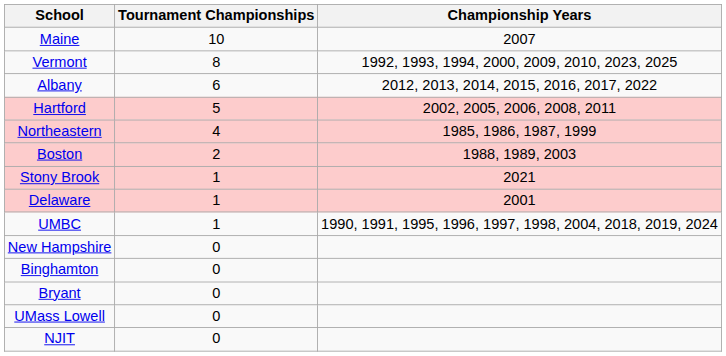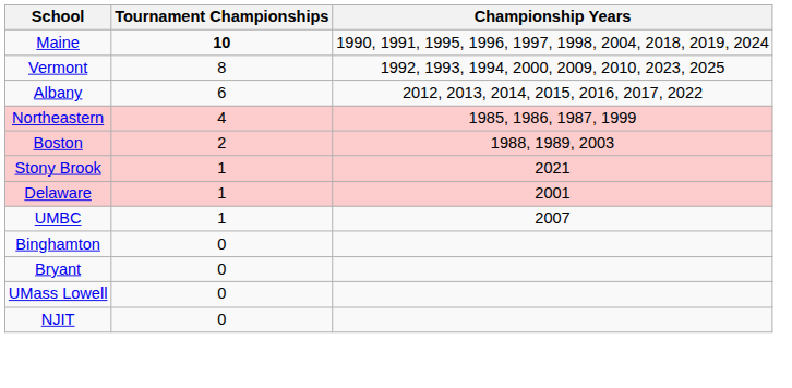 <table class="wikitable sortable" style="text-align:center">
 <tr>
 <th width=px>School</th>
 <th width=px>Tournament Championships</th>
 <th width=px>Championship Years</th>
 </tr>
 <tr>
 <td><a href='#'>Maine</a></td>
-<td>10</td>
-<td>2007</td>
+<td><strong>10</strong></td>
+<td>1990, 1991, 1995, 1996, 1997, 1998, 2004, 2018, 2019, 2024</td>
 </tr>
 <tr>
 <td><a href='#'>Vermont</a></td>
 <td>8</td>
 <td>1992, 1993, 1994, 2000, 2009, 2010, 2023, 2025</td>
 </tr>
 <tr>
 <td><a href='#'>Albany</a></td>
 <td>6</td>
 <td>2012, 2013, 2014, 2015, 2016, 2017, 2022</td>
-</tr>
-<tr bgcolor=#fdcccc>
-<td><a href='#'>Hartford</a></td>
-<td>5</td>
-<td>2002, 2005, 2006, 2008, 2011</td>
 </tr>
 <tr bgcolor=#fdcccc>
 <td><a href='#'>Northeastern</a></td>
 <td>4</td>
 <td>1985, 1986, 1987, 1999</td>
 </tr>
 <tr bgcolor=#fdcccc>
 <td><a href='#'>Boston</a></td>
 <td>2</td>
 <td>1988, 1989, 2003</td>
 </tr>
 <tr bgcolor=#fdcccc>
 <td><a href='#'>Stony Brook</a></td>
 <td>1</td>
 <td>2021</td>
 </tr>
 <tr bgcolor=#fdcccc>
 <td><a href='#'>Delaware</a></td>
 <td>1</td>
 <td>2001</td>
 </tr>
 <tr>
 <td><a href='#'>UMBC</a></td>
 <td>1</td>
-<td>1990, 1991, 1995, 1996, 1997, 1998, 2004, 2018, 2019, 2024</td>
-</tr>
-<tr>
-<td><a href='#'>New Hampshire</a></td>
-<td>0</td>
-<td></td>
+<td>2007</td>
 </tr>
 <tr>
 <td><a href='#'>Binghamton</a></td>
 <td>0</td>
 <td></td>
 </tr>
 <tr>
 <td><a href='#'>Bryant</a></td>
 <td>0</td>
 <td></td>
 </tr>
 <tr>
 <td><a href='#'>UMass Lowell</a></td>
 <td>0</td>
 <td></td>
 </tr>
 <tr>
 <td><a href='#'>NJIT</a></td>
 <td>0</td>
 <td></td>
 </tr>
 </table>
